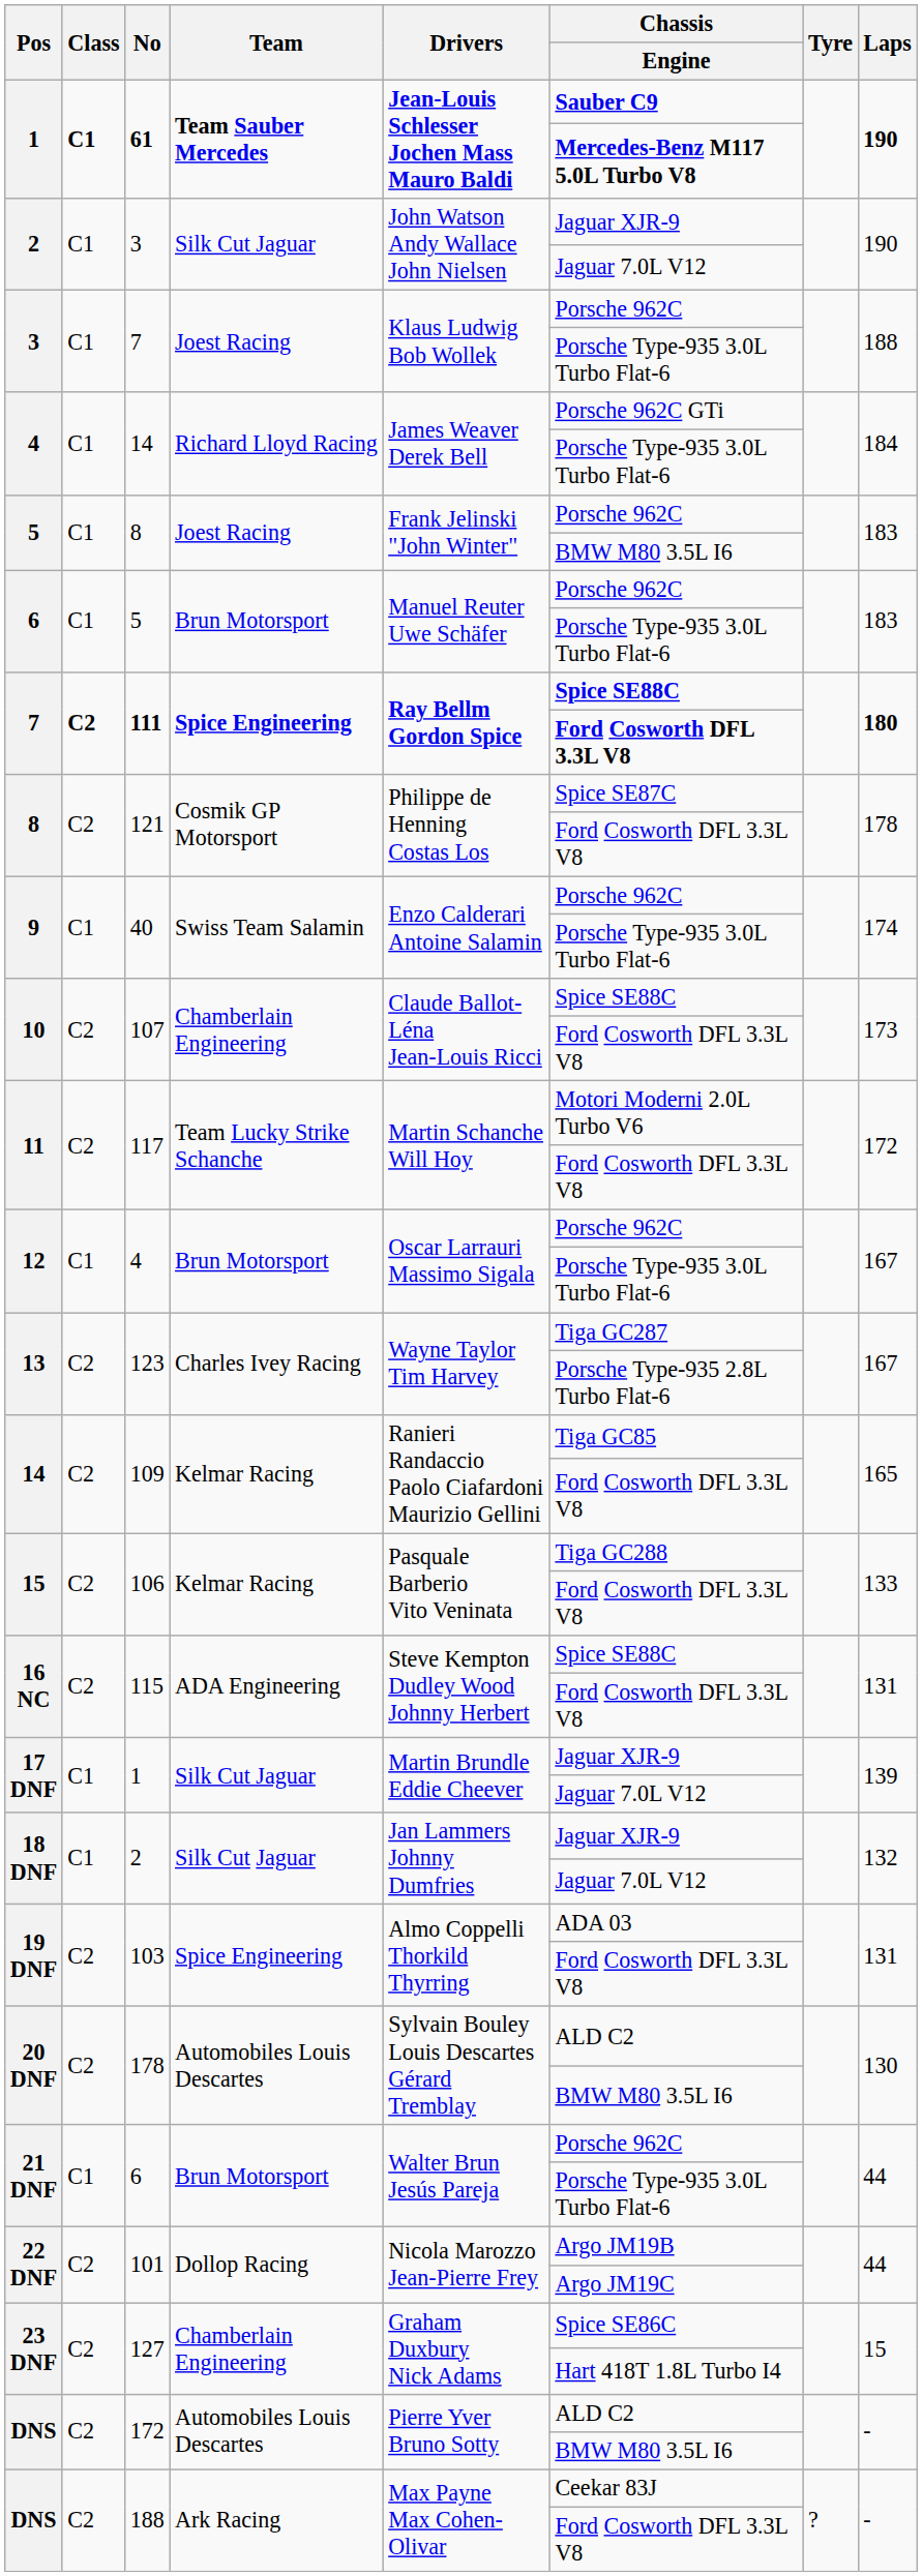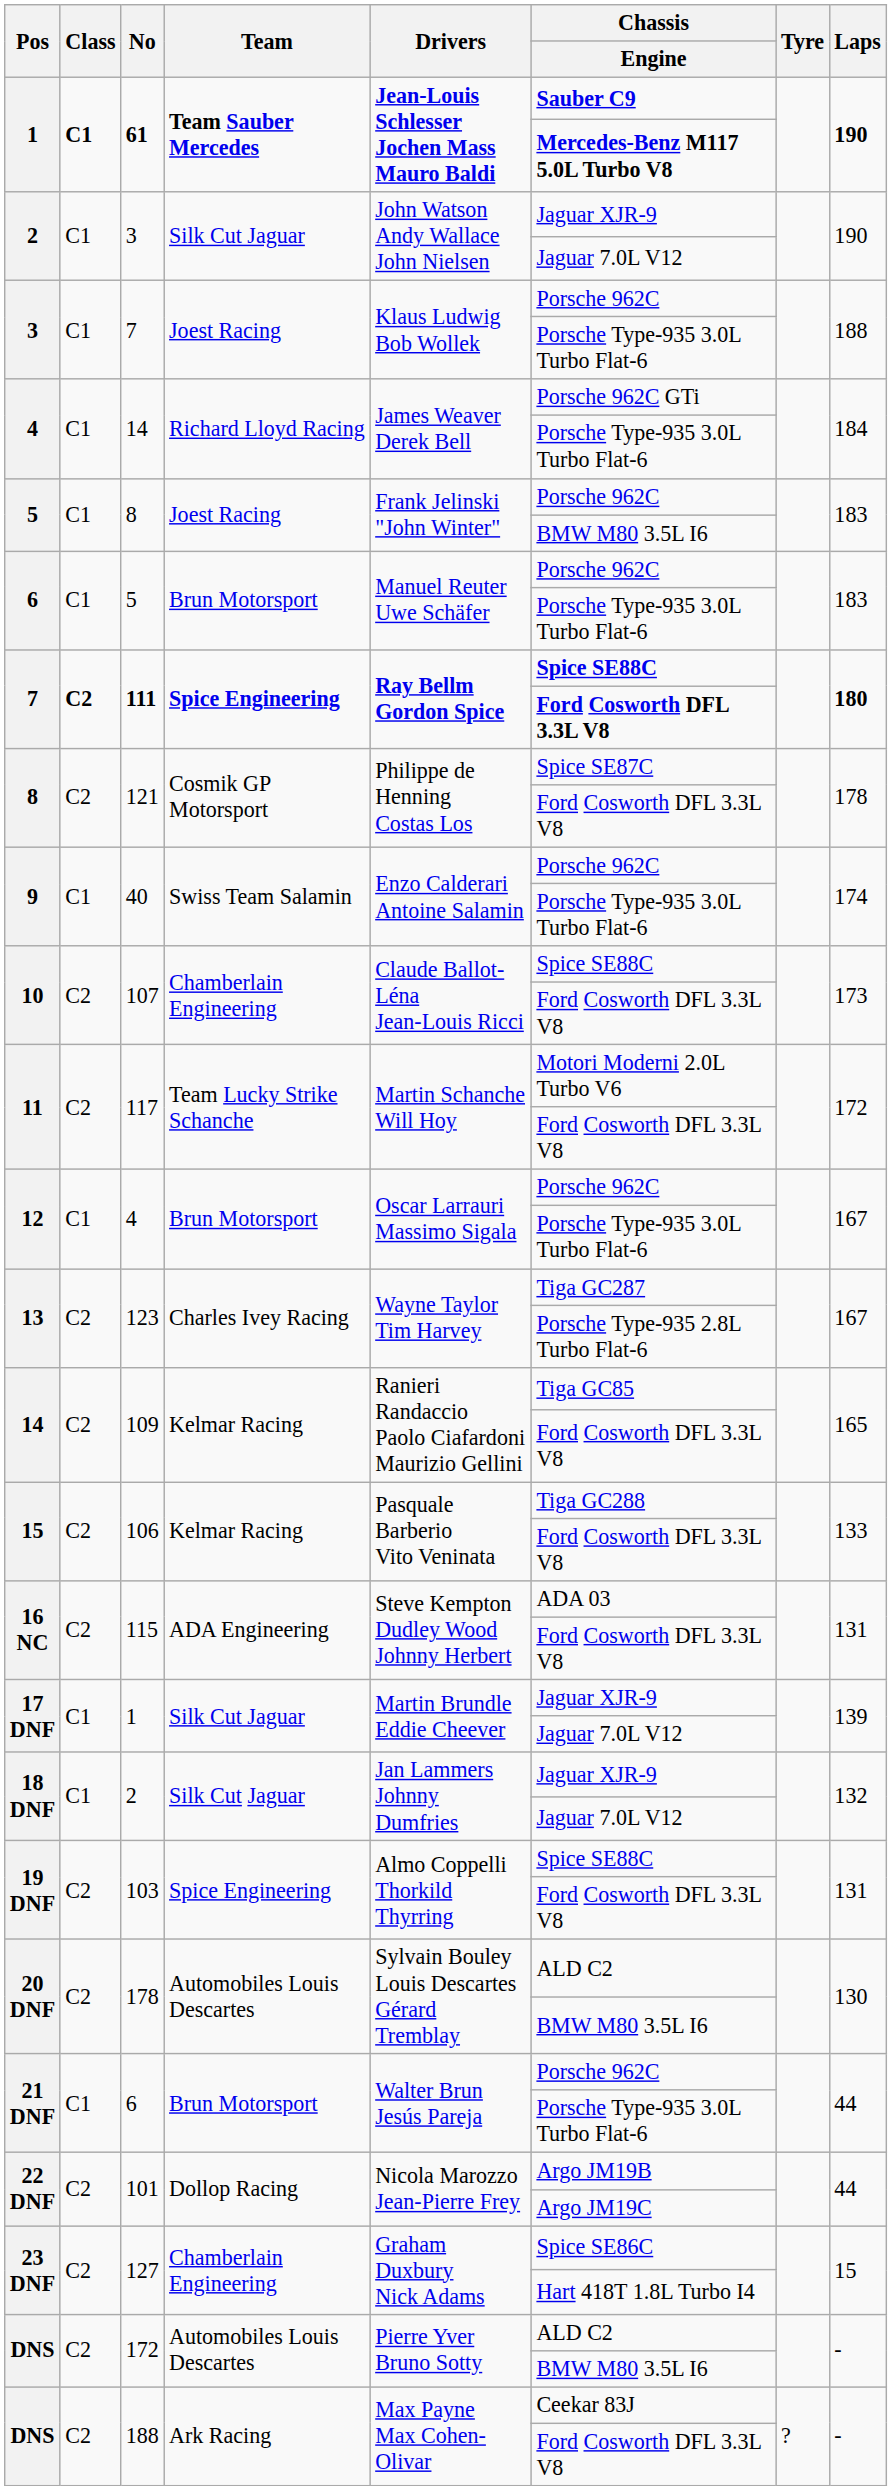 <table class="wikitable" style="font-size: 95%;">
 <tr>
 <th rowspan=2>Pos</th>
 <th rowspan=2>Class</th>
 <th rowspan=2>No</th>
 <th rowspan=2>Team</th>
 <th rowspan=2>Drivers</th>
 <th>Chassis</th>
 <th rowspan=2>Tyre</th>
 <th rowspan=2>Laps</th>
 </tr>
 <tr>
 <th>Engine</th>
 </tr>
 <tr style="font-weight:bold">
 <th rowspan=2>1</th>
 <td rowspan=2>C1</td>
 <td rowspan=2>61</td>
 <td rowspan=2> Team <a href='#'>Sauber</a> <a href='#'>Mercedes</a></td>
 <td rowspan=2> <a href='#'>Jean-Louis Schlesser</a><br> <a href='#'>Jochen Mass</a><br> <a href='#'>Mauro Baldi</a></td>
 <td><a href='#'>Sauber C9</a></td>
 <td rowspan=2></td>
 <td rowspan=2>190</td>
 </tr>
 <tr style="font-weight:bold">
 <td><a href='#'>Mercedes-Benz</a> M117 5.0L Turbo V8</td>
 </tr>
 <tr>
 <th rowspan=2>2</th>
 <td rowspan=2>C1</td>
 <td rowspan=2>3</td>
 <td rowspan=2> <a href='#'>Silk Cut Jaguar</a></td>
 <td rowspan=2> <a href='#'>John Watson</a><br> <a href='#'>Andy Wallace</a><br> <a href='#'>John Nielsen</a></td>
 <td><a href='#'>Jaguar XJR-9</a></td>
 <td rowspan=2></td>
 <td rowspan=2>190</td>
 </tr>
 <tr>
 <td><a href='#'>Jaguar</a> 7.0L V12</td>
 </tr>
 <tr>
 <th rowspan=2>3</th>
 <td rowspan=2>C1</td>
 <td rowspan=2>7</td>
 <td rowspan=2> <a href='#'>Joest Racing</a></td>
 <td rowspan=2> <a href='#'>Klaus Ludwig</a><br> <a href='#'>Bob Wollek</a></td>
 <td><a href='#'>Porsche 962C</a></td>
 <td rowspan=2></td>
 <td rowspan=2>188</td>
 </tr>
 <tr>
 <td><a href='#'>Porsche</a> Type-935 3.0L Turbo Flat-6</td>
 </tr>
 <tr>
 <th rowspan=2>4</th>
 <td rowspan=2>C1</td>
 <td rowspan=2>14</td>
 <td rowspan=2> <a href='#'>Richard Lloyd Racing</a></td>
 <td rowspan=2> <a href='#'>James Weaver</a><br> <a href='#'>Derek Bell</a></td>
 <td><a href='#'>Porsche 962C</a> GTi</td>
 <td rowspan=2></td>
 <td rowspan=2>184</td>
 </tr>
 <tr>
 <td><a href='#'>Porsche</a> Type-935 3.0L Turbo Flat-6</td>
 </tr>
 <tr>
 <th rowspan=2>5</th>
 <td rowspan=2>C1</td>
 <td rowspan=2>8</td>
 <td rowspan=2> <a href='#'>Joest Racing</a></td>
 <td rowspan=2> <a href='#'>Frank Jelinski</a><br> <a href='#'>"John Winter"</a></td>
 <td><a href='#'>Porsche 962C</a></td>
 <td rowspan=2></td>
 <td rowspan=2>183</td>
 </tr>
 <tr>
 <td><a href='#'>BMW M80</a> 3.5L I6</td>
 </tr>
 <tr>
 <th rowspan=2>6</th>
 <td rowspan=2>C1</td>
 <td rowspan=2>5</td>
 <td rowspan=2> <a href='#'>Brun Motorsport</a></td>
 <td rowspan=2> <a href='#'>Manuel Reuter</a><br> <a href='#'>Uwe Schäfer</a></td>
 <td><a href='#'>Porsche 962C</a></td>
 <td rowspan=2></td>
 <td rowspan=2>183</td>
 </tr>
 <tr>
 <td><a href='#'>Porsche</a> Type-935 3.0L Turbo Flat-6</td>
 </tr>
 <tr style="font-weight:bold">
 <th rowspan=2>7</th>
 <td rowspan=2>C2</td>
 <td rowspan=2>111</td>
 <td rowspan=2> <a href='#'>Spice Engineering</a></td>
 <td rowspan=2> <a href='#'>Ray Bellm</a><br> <a href='#'>Gordon Spice</a></td>
 <td><a href='#'>Spice SE88C</a></td>
 <td rowspan=2></td>
 <td rowspan=2>180</td>
 </tr>
 <tr style="font-weight:bold">
 <td><a href='#'>Ford</a> <a href='#'>Cosworth</a> DFL 3.3L V8</td>
 </tr>
 <tr>
 <th rowspan=2>8</th>
 <td rowspan=2>C2</td>
 <td rowspan=2>121</td>
 <td rowspan=2> Cosmik GP Motorsport</td>
 <td rowspan=2> Philippe de Henning<br> <a href='#'>Costas Los</a></td>
 <td><a href='#'>Spice SE87C</a></td>
 <td rowspan=2></td>
 <td rowspan=2>178</td>
 </tr>
 <tr>
 <td><a href='#'>Ford</a> <a href='#'>Cosworth</a> DFL 3.3L V8</td>
 </tr>
 <tr>
 <th rowspan=2>9</th>
 <td rowspan=2>C1</td>
 <td rowspan=2>40</td>
 <td rowspan=2> Swiss Team Salamin</td>
 <td rowspan=2> <a href='#'>Enzo Calderari</a><br> <a href='#'>Antoine Salamin</a></td>
 <td><a href='#'>Porsche 962C</a></td>
 <td rowspan=2></td>
 <td rowspan=2>174</td>
 </tr>
 <tr>
 <td><a href='#'>Porsche</a> Type-935 3.0L Turbo Flat-6</td>
 </tr>
 <tr>
 <th rowspan=2>10</th>
 <td rowspan=2>C2</td>
 <td rowspan=2>107</td>
 <td rowspan=2> <a href='#'>Chamberlain Engineering</a></td>
 <td rowspan=2> <a href='#'>Claude Ballot-Léna</a><br> <a href='#'>Jean-Louis Ricci</a></td>
 <td><a href='#'>Spice SE88C</a></td>
 <td rowspan=2></td>
 <td rowspan=2>173</td>
 </tr>
 <tr>
 <td><a href='#'>Ford</a> <a href='#'>Cosworth</a> DFL 3.3L V8</td>
 </tr>
 <tr>
 <th rowspan=2>11</th>
 <td rowspan=2>C2</td>
 <td rowspan=2>117</td>
 <td rowspan=2> Team <a href='#'>Lucky Strike</a> <a href='#'>Schanche</a></td>
 <td rowspan=2> <a href='#'>Martin Schanche</a><br> <a href='#'>Will Hoy</a></td>
 <td><a href='#'>Motori Moderni</a> 2.0L Turbo V6</td>
 <td rowspan=2></td>
 <td rowspan=2>172</td>
 </tr>
 <tr>
 <td><a href='#'>Ford</a> <a href='#'>Cosworth</a> DFL 3.3L V8</td>
 </tr>
 <tr>
 <th rowspan=2>12</th>
 <td rowspan=2>C1</td>
 <td rowspan=2>4</td>
 <td rowspan=2> <a href='#'>Brun Motorsport</a></td>
 <td rowspan=2> <a href='#'>Oscar Larrauri</a><br> <a href='#'>Massimo Sigala</a></td>
 <td><a href='#'>Porsche 962C</a></td>
 <td rowspan=2></td>
 <td rowspan=2>167</td>
 </tr>
 <tr>
 <td><a href='#'>Porsche</a> Type-935 3.0L Turbo Flat-6</td>
 </tr>
 <tr>
 <th rowspan=2>13</th>
 <td rowspan=2>C2</td>
 <td rowspan=2>123</td>
 <td rowspan=2> Charles Ivey Racing</td>
 <td rowspan=2> <a href='#'>Wayne Taylor</a><br> <a href='#'>Tim Harvey</a></td>
 <td><a href='#'>Tiga GC287</a></td>
 <td rowspan=2></td>
 <td rowspan=2>167</td>
 </tr>
 <tr>
 <td><a href='#'>Porsche</a> Type-935 2.8L Turbo Flat-6</td>
 </tr>
 <tr>
 <th rowspan=2>14</th>
 <td rowspan=2>C2</td>
 <td rowspan=2>109</td>
 <td rowspan=2> Kelmar Racing</td>
 <td rowspan=2> Ranieri Randaccio<br> Paolo Ciafardoni<br> Maurizio Gellini</td>
 <td><a href='#'>Tiga GC85</a></td>
 <td rowspan=2></td>
 <td rowspan=2>165</td>
 </tr>
 <tr>
 <td><a href='#'>Ford</a> <a href='#'>Cosworth</a> DFL 3.3L V8</td>
 </tr>
 <tr>
 <th rowspan=2>15</th>
 <td rowspan=2>C2</td>
 <td rowspan=2>106</td>
 <td rowspan=2> Kelmar Racing</td>
 <td rowspan=2> Pasquale Barberio<br> Vito Veninata</td>
 <td><a href='#'>Tiga GC288</a></td>
 <td rowspan=2></td>
 <td rowspan=2>133</td>
 </tr>
 <tr>
 <td><a href='#'>Ford</a> <a href='#'>Cosworth</a> DFL 3.3L V8</td>
 </tr>
 <tr>
 <th rowspan=2>16<br>NC</th>
 <td rowspan=2>C2</td>
 <td rowspan=2>115</td>
 <td rowspan=2> ADA Engineering</td>
 <td rowspan=2> Steve Kempton<br> <a href='#'>Dudley Wood</a><br> <a href='#'>Johnny Herbert</a></td>
-<td><a href='#'>Spice SE88C</a></td>
+<td>ADA 03</td>
 <td rowspan=2></td>
 <td rowspan=2>131</td>
 </tr>
 <tr>
 <td><a href='#'>Ford</a> <a href='#'>Cosworth</a> DFL 3.3L V8</td>
 </tr>
 <tr>
 <th rowspan=2>17<br>DNF</th>
 <td rowspan=2>C1</td>
 <td rowspan=2>1</td>
 <td rowspan=2> <a href='#'>Silk Cut Jaguar</a></td>
 <td rowspan=2> <a href='#'>Martin Brundle</a><br> <a href='#'>Eddie Cheever</a></td>
 <td><a href='#'>Jaguar XJR-9</a></td>
 <td rowspan=2></td>
 <td rowspan=2>139</td>
 </tr>
 <tr>
 <td><a href='#'>Jaguar</a> 7.0L V12</td>
 </tr>
 <tr>
 <th rowspan=2>18<br>DNF</th>
 <td rowspan=2>C1</td>
 <td rowspan=2>2</td>
 <td rowspan=2> <a href='#'>Silk Cut</a> <a href='#'>Jaguar</a></td>
 <td rowspan=2> <a href='#'>Jan Lammers</a><br> <a href='#'>Johnny Dumfries</a></td>
 <td><a href='#'>Jaguar XJR-9</a></td>
 <td rowspan=2></td>
 <td rowspan=2>132</td>
 </tr>
 <tr>
 <td><a href='#'>Jaguar</a> 7.0L V12</td>
 </tr>
 <tr>
 <th rowspan=2>19<br>DNF</th>
 <td rowspan=2>C2</td>
 <td rowspan=2>103</td>
 <td rowspan=2> <a href='#'>Spice Engineering</a></td>
 <td rowspan=2> Almo Coppelli<br> <a href='#'>Thorkild Thyrring</a></td>
-<td>ADA 03</td>
+<td><a href='#'>Spice SE88C</a></td>
 <td rowspan=2></td>
 <td rowspan=2>131</td>
 </tr>
 <tr>
 <td><a href='#'>Ford</a> <a href='#'>Cosworth</a> DFL 3.3L V8</td>
 </tr>
 <tr>
 <th rowspan=2>20<br>DNF</th>
 <td rowspan=2>C2</td>
 <td rowspan=2>178</td>
 <td rowspan=2> Automobiles Louis Descartes</td>
 <td rowspan=2> Sylvain Bouley<br> Louis Descartes<br> <a href='#'>Gérard Tremblay</a></td>
 <td>ALD C2</td>
 <td rowspan=2></td>
 <td rowspan=2>130</td>
 </tr>
 <tr>
 <td><a href='#'>BMW M80</a> 3.5L I6</td>
 </tr>
 <tr>
 <th rowspan=2>21<br>DNF</th>
 <td rowspan=2>C1</td>
 <td rowspan=2>6</td>
 <td rowspan=2> <a href='#'>Brun Motorsport</a></td>
 <td rowspan=2> <a href='#'>Walter Brun</a><br> <a href='#'>Jesús Pareja</a></td>
 <td><a href='#'>Porsche 962C</a></td>
 <td rowspan=2></td>
 <td rowspan=2>44</td>
 </tr>
 <tr>
 <td><a href='#'>Porsche</a> Type-935 3.0L Turbo Flat-6</td>
 </tr>
 <tr>
 <th rowspan=2>22<br>DNF</th>
 <td rowspan=2>C2</td>
 <td rowspan=2>101</td>
 <td rowspan=2> Dollop Racing</td>
 <td rowspan=2> Nicola Marozzo<br> <a href='#'>Jean-Pierre Frey</a></td>
 <td><a href='#'>Argo JM19B</a></td>
 <td rowspan=2></td>
 <td rowspan=2>44</td>
 </tr>
 <tr>
 <td><a href='#'>Argo JM19C</a></td>
 </tr>
 <tr>
 <th rowspan=2>23<br>DNF</th>
 <td rowspan=2>C2</td>
 <td rowspan=2>127</td>
 <td rowspan=2> <a href='#'>Chamberlain Engineering</a></td>
 <td rowspan=2> <a href='#'>Graham Duxbury</a><br> <a href='#'>Nick Adams</a></td>
 <td><a href='#'>Spice SE86C</a></td>
 <td rowspan=2></td>
 <td rowspan=2>15</td>
 </tr>
 <tr>
 <td><a href='#'>Hart</a> 418T 1.8L Turbo I4</td>
 </tr>
 <tr>
 <th rowspan=2>DNS</th>
 <td rowspan=2>C2</td>
 <td rowspan=2>172</td>
 <td rowspan=2> Automobiles Louis Descartes</td>
 <td rowspan=2> <a href='#'>Pierre Yver</a><br> <a href='#'>Bruno Sotty</a></td>
 <td>ALD C2</td>
 <td rowspan=2></td>
 <td rowspan=2>-</td>
 </tr>
 <tr>
 <td><a href='#'>BMW M80</a> 3.5L I6</td>
 </tr>
 <tr>
 <th rowspan=2>DNS</th>
 <td rowspan=2>C2</td>
 <td rowspan=2>188</td>
 <td rowspan=2> Ark Racing</td>
 <td rowspan=2> <a href='#'>Max Payne</a><br> <a href='#'>Max Cohen-Olivar</a></td>
 <td>Ceekar 83J</td>
 <td rowspan=2>?</td>
 <td rowspan=2>-</td>
 </tr>
 <tr>
 <td><a href='#'>Ford</a> <a href='#'>Cosworth</a> DFL 3.3L V8</td>
 </tr>
 </table>
